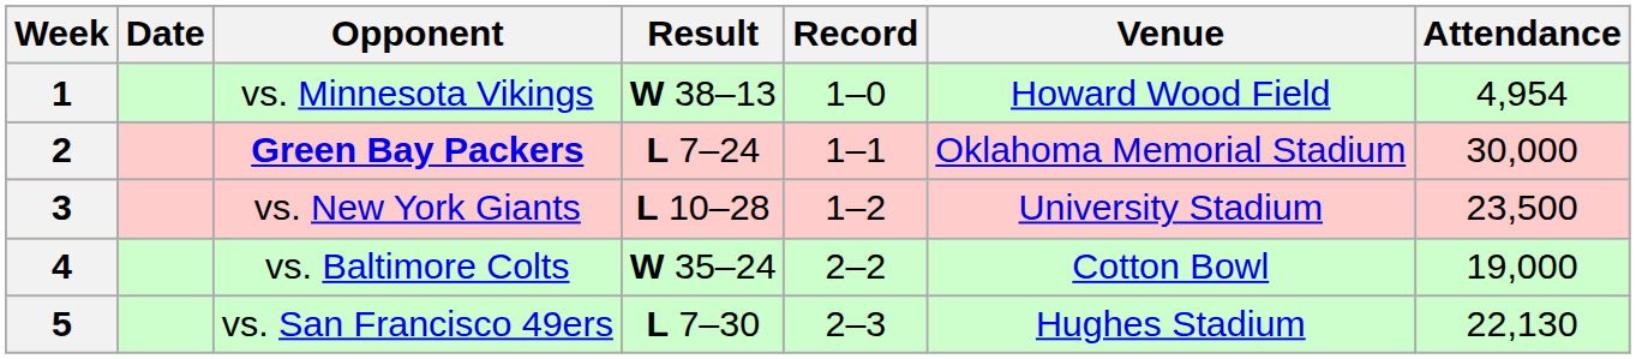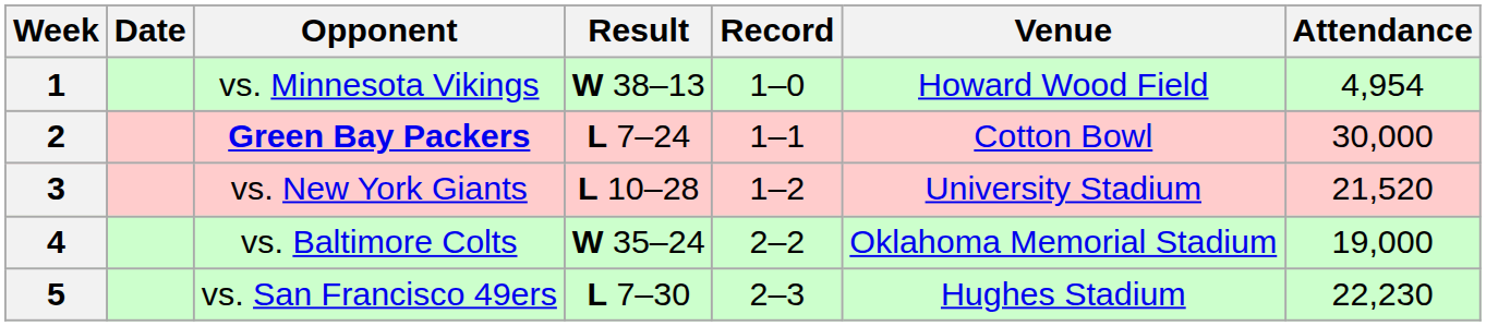 <table class="wikitable" style="text-align:center">
 <tr>
 <th>Week</th>
 <th>Date</th>
 <th>Opponent</th>
 <th>Result</th>
 <th>Record</th>
 <th>Venue</th>
 <th>Attendance</th>
 </tr>
 <tr style="background:#cfc">
 <th>1</th>
 <td></td>
 <td>vs. <a href='#'>Minnesota Vikings</a></td>
 <td><strong>W</strong> 38–13</td>
 <td>1–0</td>
 <td><a href='#'>Howard Wood Field</a></td>
 <td>4,954</td>
 </tr>
 <tr style="background:#fcc">
 <th>2</th>
 <td></td>
 <td><strong><a href='#'>Green Bay Packers</a></strong></td>
 <td><strong>L</strong> 7–24</td>
 <td>1–1</td>
-<td><a href='#'>Oklahoma Memorial Stadium</a></td>
+<td><a href='#'>Cotton Bowl</a></td>
 <td>30,000</td>
 </tr>
 <tr style="background:#fcc">
 <th>3</th>
 <td></td>
 <td>vs. <a href='#'>New York Giants</a></td>
 <td><strong>L</strong> 10–28</td>
 <td>1–2</td>
 <td><a href='#'>University Stadium</a></td>
-<td>23,500</td>
+<td>21,520</td>
 </tr>
 <tr style="background:#cfc">
 <th>4</th>
 <td></td>
 <td>vs. <a href='#'>Baltimore Colts</a></td>
 <td><strong>W</strong> 35–24</td>
 <td>2–2</td>
-<td><a href='#'>Cotton Bowl</a></td>
+<td><a href='#'>Oklahoma Memorial Stadium</a></td>
 <td>19,000</td>
 </tr>
 <tr style="background:#cfc">
 <th>5</th>
 <td></td>
 <td>vs. <a href='#'>San Francisco 49ers</a></td>
 <td><strong>L</strong> 7–30</td>
 <td>2–3</td>
 <td><a href='#'>Hughes Stadium</a></td>
-<td>22,130</td>
+<td>22,230</td>
 </tr>
 </table>
